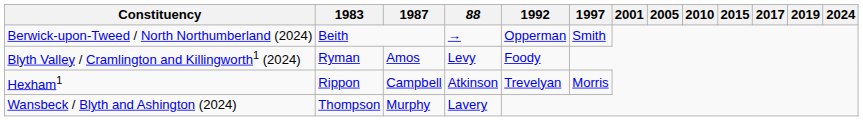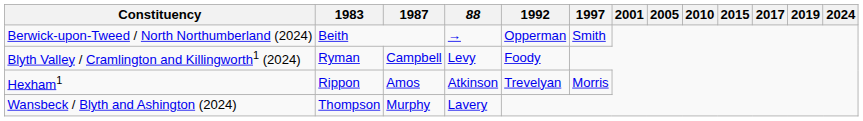 <table class="wikitable">
 <tr>
 <th>Constituency</th>
 <th>1983</th>
 <th>1987</th>
 <th><em>88</em></th>
 <th>1992</th>
 <th>1997</th>
 <th>2001</th>
 <th>2005</th>
 <th>2010</th>
 <th>2015</th>
 <th>2017</th>
 <th>2019</th>
 <th>2024</th>
 </tr>
 <tr>
 <td><a href='#'>Berwick-upon-Tweed</a> / <a href='#'>North Northumberland</a> (2024)</td>
 <td colspan="2"><a href='#'>Beith</a></td>
 <td><a href='#'>→</a></td>
 <td><a href='#'>Opperman</a></td>
 <td><a href='#'>Smith</a></td>
 </tr>
 <tr>
 <td><a href='#'>Blyth Valley</a> / <a href='#'>Cramlington and Killingworth</a><sup>1</sup> (2024)</td>
 <td><a href='#'>Ryman</a></td>
-<td><a href='#'>Amos</a></td>
+<td><a href='#'>Campbell</a></td>
 <td><a href='#'>Levy</a></td>
 <td><a href='#'>Foody</a></td>
 </tr>
 <tr>
 <td><a href='#'>Hexham</a><sup>1</sup></td>
 <td><a href='#'>Rippon</a></td>
-<td><a href='#'>Campbell</a></td>
+<td><a href='#'>Amos</a></td>
 <td><a href='#'>Atkinson</a></td>
 <td><a href='#'>Trevelyan</a></td>
 <td><a href='#'>Morris</a></td>
 </tr>
 <tr>
 <td><a href='#'>Wansbeck</a> / <a href='#'>Blyth and Ashington</a> (2024)</td>
 <td><a href='#'>Thompson</a></td>
 <td><a href='#'>Murphy</a></td>
 <td><a href='#'>Lavery</a></td>
 </tr>
 </table>
